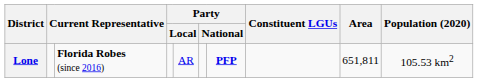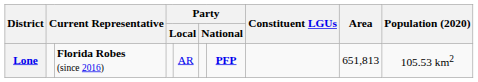 <table class="wikitable sortable" style="margin: 1em auto; font-size:100%; line-height:20px; text-align:center">
 <tr>
 <th rowspan="2">District</th>
 <th colspan="2" rowspan="2">Current Representative</th>
 <th colspan="4">Party</th>
 <th rowspan="2">Constituent <a href='#'>LGUs</a></th>
 <th rowspan="2">Area</th>
 <th rowspan="2">Population (2020)</th>
 </tr>
 <tr>
 <th colspan="2">Local</th>
 <th colspan="2">National</th>
 </tr>
 <tr>
 <th><a href='#'>Lone</a></th>
 <td></td>
 <td style="text-align:left;"><strong>Florida Robes</strong><br><small>(since <a href='#'>2016</a>)</small></td>
 <td style="background:"></td>
 <td><a href='#'>AR</a></td>
 <td style="background:"></td>
 <td><strong><a href='#'>PFP</a></strong></td>
 <td></td>
-<td>651,811</td>
+<td>651,813</td>
 <td>105.53 km<sup>2</sup><br></td>
 </tr>
 </table>
